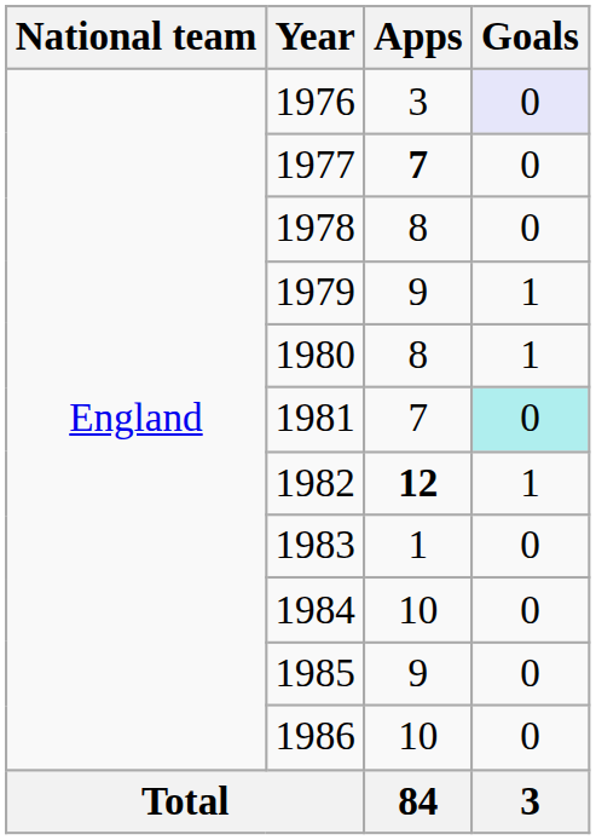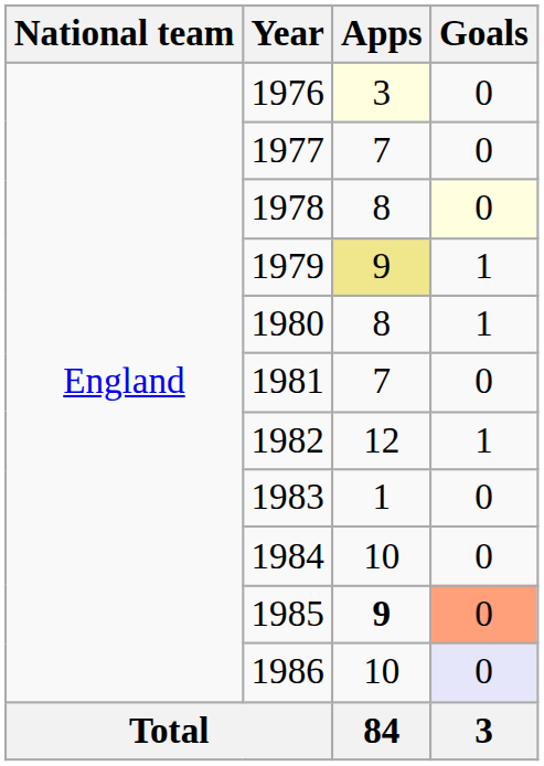 <table class="wikitable" style="text-align:center">
 <tr>
 <th>National team</th>
 <th>Year</th>
 <th>Apps</th>
 <th>Goals</th>
 </tr>
 <tr>
 <td rowspan="11"><a href='#'>England</a></td>
 <td>1976</td>
-<td>3</td>
-<td style="background: lavender;">0</td>
+<td style="background: lightyellow;">3</td>
+<td>0</td>
 </tr>
 <tr>
 <td>1977</td>
-<td><strong>7</strong></td>
+<td>7</td>
 <td>0</td>
 </tr>
 <tr>
 <td>1978</td>
 <td>8</td>
-<td>0</td>
+<td style="background: lightyellow;">0</td>
 </tr>
 <tr>
 <td>1979</td>
-<td>9</td>
+<td style="background: khaki;">9</td>
 <td>1</td>
 </tr>
 <tr>
 <td>1980</td>
 <td>8</td>
 <td>1</td>
 </tr>
 <tr>
 <td>1981</td>
 <td>7</td>
-<td style="background: paleturquoise;">0</td>
+<td>0</td>
 </tr>
 <tr>
 <td>1982</td>
-<td><strong>12</strong></td>
+<td>12</td>
 <td>1</td>
 </tr>
 <tr>
 <td>1983</td>
 <td>1</td>
 <td>0</td>
 </tr>
 <tr>
 <td>1984</td>
 <td>10</td>
 <td>0</td>
 </tr>
 <tr>
 <td>1985</td>
-<td>9</td>
-<td>0</td>
+<td><strong>9</strong></td>
+<td style="background: lightsalmon;">0</td>
 </tr>
 <tr>
 <td>1986</td>
 <td>10</td>
-<td>0</td>
+<td style="background: lavender;">0</td>
 </tr>
 <tr>
 <th colspan="2">Total</th>
 <th>84</th>
 <th>3</th>
 </tr>
 </table>
